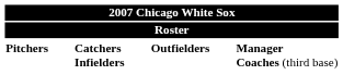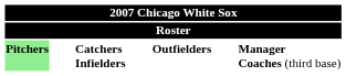 <table class="toccolours" style="font-size: 95%;">
 <tr>
 <th colspan="10" style="background-color: black; color: #FFFFFF; text-align: center;">2007 Chicago White Sox</th>
 </tr>
 <tr>
 <td colspan="10" style="background-color:black; color: white; text-align: center;"><strong>Roster</strong></td>
 </tr>
 <tr>
-<td valign="top"><strong>Pitchers</strong><br>                    </td>
+<td valign="top" style="background: lightgreen;"><strong>Pitchers</strong><br>                    </td>
 <td width="25px"></td>
 <td valign="top"><strong>Catchers</strong><br>    <strong>Infielders</strong>         </td>
 <td width="25px"></td>
 <td valign="top"><strong>Outfielders</strong><br>        </td>
 <td width="25px"></td>
 <td valign="top"><strong>Manager</strong><br> <strong>Coaches</strong>      (third base) </td>
 </tr>
 </table>
